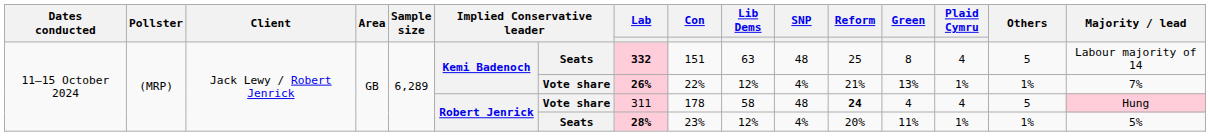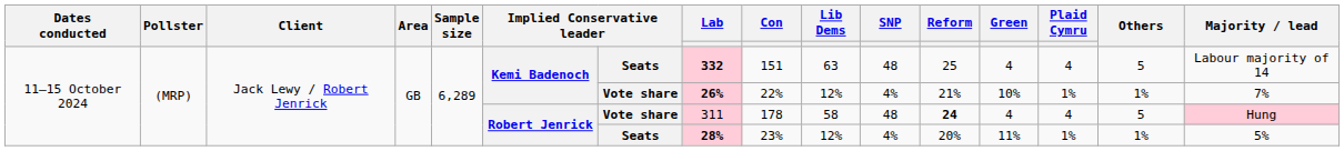 <table class="wikitable mw-datatable" style="text-align:center; font-size:90%; line-height:14px;">
 <tr>
 <th rowspan="2" class="unsortable">Dates<br>conducted</th>
 <th rowspan="2" class="unsortable">Pollster</th>
 <th rowspan="2" class="unsortable">Client</th>
 <th rowspan="2" class="unsortable">Area</th>
 <th rowspan="2" class="unsortable" data-sort-type="number">Sample<br>size</th>
 <th colspan="2" rowspan="2" class="unsortable">Implied Conservative leader</th>
 <th class="unsortable" style="width:50px;"><a href='#'>Lab</a></th>
 <th class="unsortable" style="width:50px;"><a href='#'>Con</a></th>
 <th class="unsortable" style="width:50px;"><a href='#'>Lib Dems</a></th>
 <th class="unsortable" style="width:50px;"><a href='#'>SNP</a></th>
 <th class="unsortable" style="width:50px;"><a href='#'>Reform</a></th>
 <th class="unsortable" style="width:50px;"><a href='#'>Green</a></th>
 <th class="unsortable" style="width:50px;"><a href='#'>Plaid Cymru</a></th>
 <th rowspan="2" class="unsortable" style="width:75px;">Others</th>
 <th rowspan="2" data-sort-type="number">Majority / lead</th>
 </tr>
 <tr>
 <th data-sort-type="number" style="background:"></th>
 <th data-sort-type="number" style="background:"></th>
 <th data-sort-type="number" style="background:"></th>
 <th data-sort-type="number" style="background:"></th>
 <th data-sort-type="number" style="background:"></th>
 <th data-sort-type="number" style="background:"></th>
 <th data-sort-type="number" style="background:"></th>
 </tr>
 <tr>
 <td rowspan="4" data-sort-value="2024-10-15">11–15 October 2024</td>
 <td rowspan="4"> (MRP)</td>
 <td rowspan="4">Jack Lewy / <a href='#'>Robert Jenrick</a></td>
 <td rowspan="4">GB</td>
 <td rowspan="4">6,289</td>
 <th rowspan="2"><a href='#'>Kemi Badenoch</a></th>
 <th>Seats</th>
 <td style="background:#ffccd9; color:black;"><strong>332</strong></td>
 <td>151</td>
 <td>63</td>
 <td>48</td>
 <td>25</td>
-<td>8</td>
+<td>4</td>
 <td>4</td>
 <td>5</td>
 <td style="background:">Labour majority of 14</td>
 </tr>
 <tr>
 <th>Vote share</th>
 <td style="background:#ffccd9; color:black;"><strong>26%</strong></td>
 <td>22%</td>
 <td>12%</td>
 <td>4%</td>
 <td>21%</td>
-<td>13%</td>
+<td>10%</td>
 <td>1%</td>
 <td>1%</td>
 <td style="background:">7%</td>
 </tr>
 <tr>
 <th rowspan="2"><a href='#'>Robert Jenrick</a></th>
 <th>Vote share</th>
 <td style="background:#ffccd9; color:black;">311</td>
 <td>178</td>
 <td>58</td>
 <td>48</td>
 <td><strong>24</strong></td>
 <td>4</td>
 <td>4</td>
 <td>5</td>
 <td style="background:#ffccd9; ">Hung </td>
 </tr>
 <tr>
 <th>Seats</th>
 <td style="background:#ffccd9; color:black;"><strong>28%</strong></td>
 <td>23%</td>
 <td>12%</td>
 <td>4%</td>
 <td>20%</td>
 <td>11%</td>
 <td>1%</td>
 <td>1%</td>
 <td style="background:">5%</td>
 </tr>
 </table>
